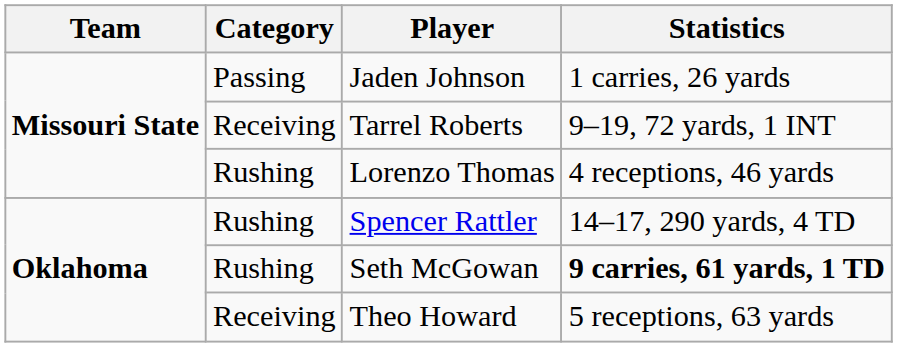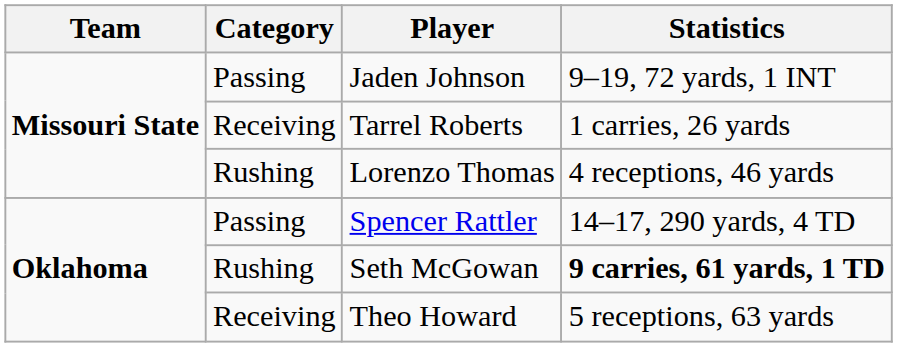 <table class="wikitable" style="float: right;">
 <tr>
 <th>Team</th>
 <th>Category</th>
 <th>Player</th>
 <th>Statistics</th>
 </tr>
 <tr>
 <td rowspan=3><strong>Missouri State</strong></td>
 <td>Passing</td>
 <td>Jaden Johnson</td>
-<td>1 carries, 26 yards</td>
+<td>9–19, 72 yards, 1 INT</td>
 </tr>
 <tr>
 <td>Receiving</td>
 <td>Tarrel Roberts</td>
-<td>9–19, 72 yards, 1 INT</td>
+<td>1 carries, 26 yards</td>
 </tr>
 <tr>
 <td>Rushing</td>
 <td>Lorenzo Thomas</td>
 <td>4 receptions, 46 yards</td>
 </tr>
 <tr>
 <td rowspan=3><strong>Oklahoma</strong></td>
-<td>Rushing</td>
+<td>Passing</td>
 <td><a href='#'>Spencer Rattler</a></td>
 <td>14–17, 290 yards, 4 TD</td>
 </tr>
 <tr>
 <td>Rushing</td>
 <td>Seth McGowan</td>
 <td><strong>9 carries, 61 yards, 1 TD</strong></td>
 </tr>
 <tr>
 <td>Receiving</td>
 <td>Theo Howard</td>
 <td>5 receptions, 63 yards</td>
 </tr>
 </table>
